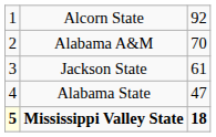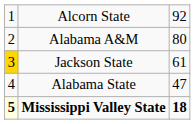 <table class="wikitable" style="display: inline-table;">
 <tr align="center">
 <td>1</td>
 <td>Alcorn State</td>
 <td>92</td>
 </tr>
 <tr align="center">
 <td>2</td>
 <td>Alabama A&M</td>
-<td>70</td>
+<td>80</td>
 </tr>
 <tr align="center">
-<td>3</td>
+<td style="background: gold;">3</td>
 <td>Jackson State</td>
 <td>61</td>
 </tr>
 <tr align="center">
 <td>4</td>
 <td>Alabama State</td>
 <td>47</td>
 </tr>
 <tr align="center">
 <td style="background: lightyellow;"><strong>5</strong></td>
 <td><strong>Mississippi Valley State</strong></td>
 <td><strong>18</strong></td>
 </tr>
 </table>
